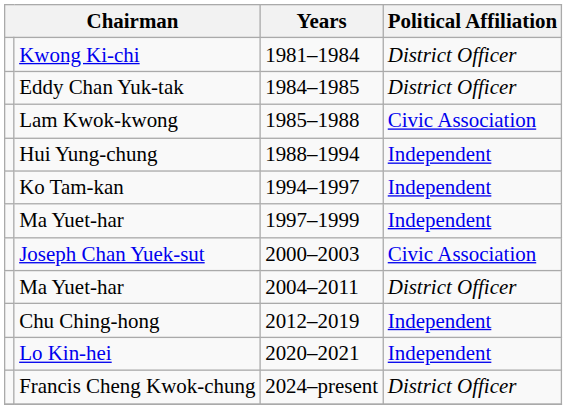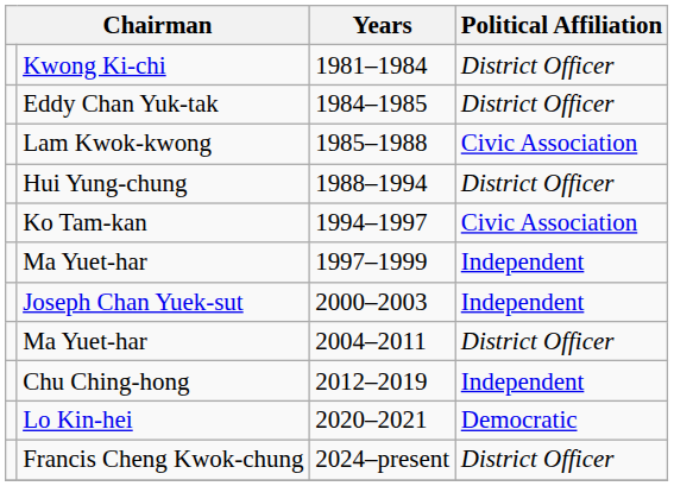 <table class="wikitable">
 <tr>
 <th colspan=2>Chairman</th>
 <th>Years</th>
 <th>Political Affiliation</th>
 </tr>
 <tr>
 <td style="color:inherit;background:"></td>
 <td><a href='#'>Kwong Ki-chi</a></td>
 <td>1981–1984</td>
 <td><em>District Officer</em></td>
 </tr>
 <tr>
 <td style="color:inherit;background:"></td>
 <td>Eddy Chan Yuk-tak</td>
 <td>1984–1985</td>
 <td><em>District Officer</em></td>
 </tr>
 <tr>
 <td style="color:inherit;background:"></td>
 <td>Lam Kwok-kwong</td>
 <td>1985–1988</td>
 <td><a href='#'>Civic Association</a></td>
 </tr>
 <tr>
 <td style="color:inherit;background:"></td>
 <td>Hui Yung-chung</td>
 <td>1988–1994</td>
-<td><a href='#'>Independent</a></td>
+<td><em>District Officer</em></td>
 </tr>
 <tr>
 <td style="color:inherit;background:"></td>
 <td>Ko Tam-kan</td>
 <td>1994–1997</td>
-<td><a href='#'>Independent</a></td>
+<td><a href='#'>Civic Association</a></td>
 </tr>
 <tr>
 <td style="color:inherit;background:"></td>
 <td>Ma Yuet-har</td>
 <td>1997–1999</td>
 <td><a href='#'>Independent</a></td>
 </tr>
 <tr>
 <td style="color:inherit;background:"></td>
 <td><a href='#'>Joseph Chan Yuek-sut</a></td>
 <td>2000–2003</td>
-<td><a href='#'>Civic Association</a></td>
+<td><a href='#'>Independent</a></td>
 </tr>
 <tr>
 <td style="color:inherit;background:"></td>
 <td>Ma Yuet-har</td>
 <td>2004–2011</td>
 <td><em>District Officer</em></td>
 </tr>
 <tr>
 <td style="color:inherit;background:"></td>
 <td>Chu Ching-hong</td>
 <td>2012–2019</td>
 <td><a href='#'>Independent</a></td>
 </tr>
 <tr>
 <td style="color:inherit;background:"></td>
 <td><a href='#'>Lo Kin-hei</a></td>
 <td>2020–2021</td>
-<td><a href='#'>Independent</a></td>
+<td><a href='#'>Democratic</a></td>
 </tr>
 <tr>
 <td style="color:inherit;background:"></td>
 <td>Francis Cheng Kwok-chung</td>
 <td>2024–present</td>
 <td><em>District Officer</em></td>
 </tr>
 <tr>
 </tr>
 </table>
